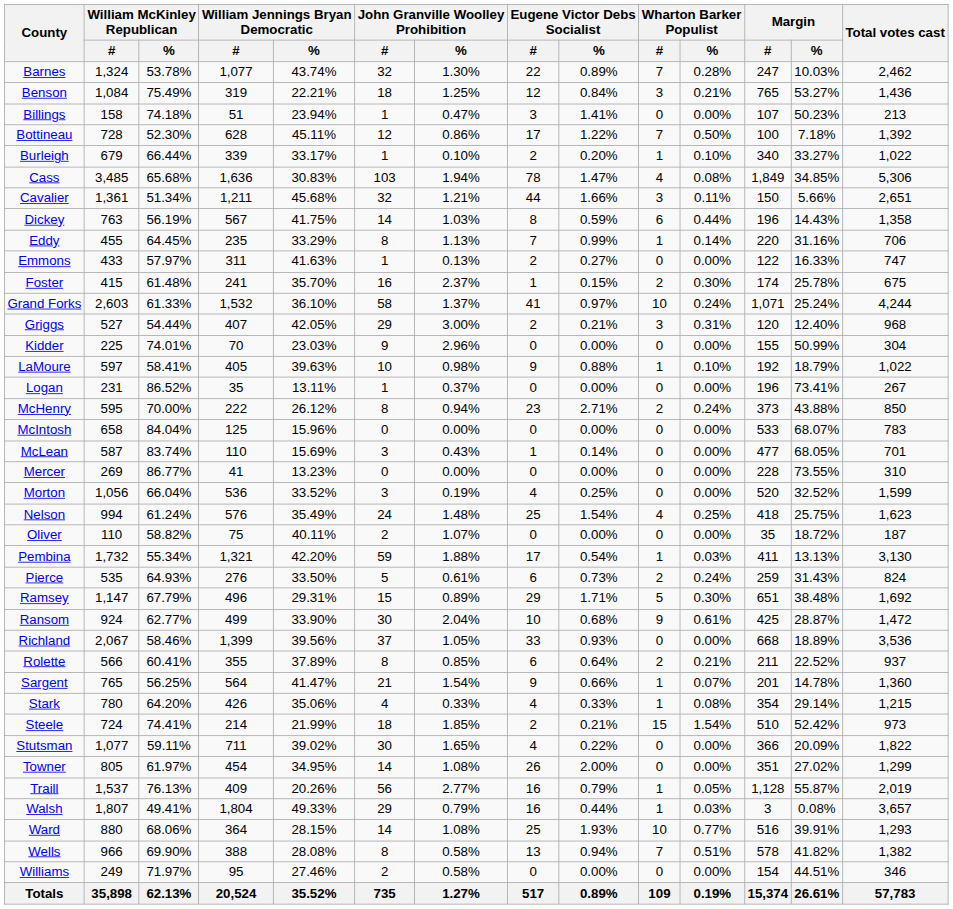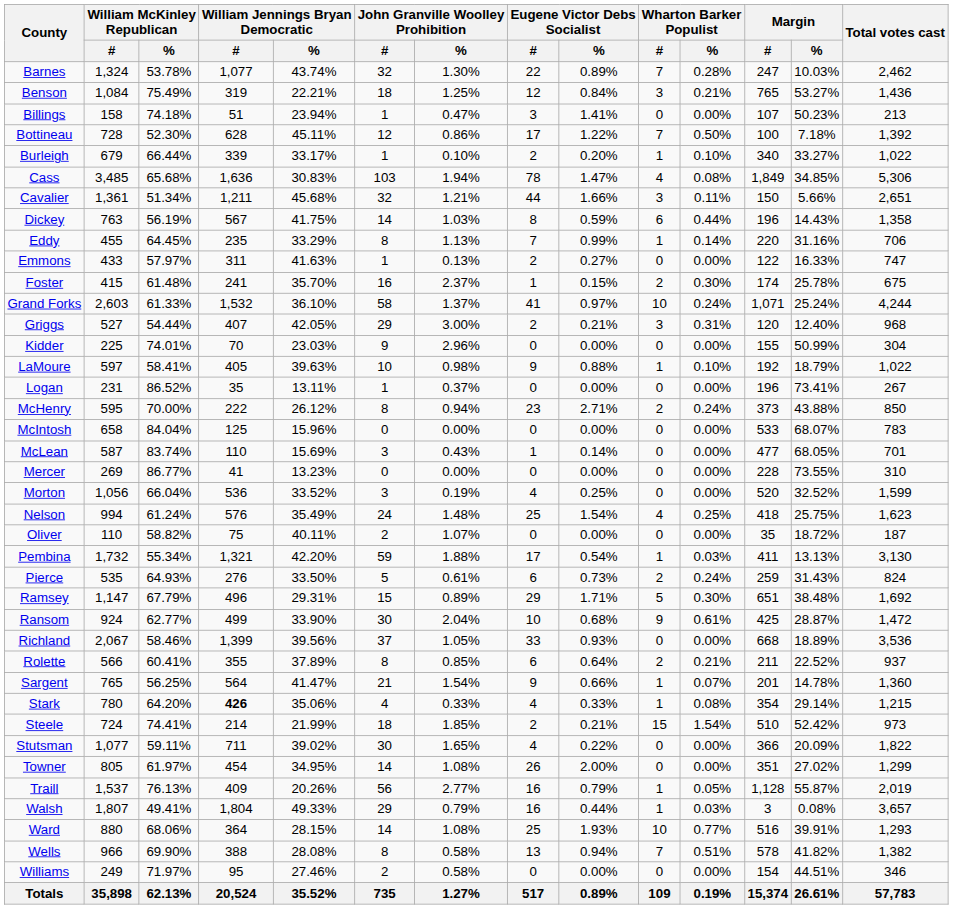 <table class="wikitable sortable">
 <tr>
 <th rowspan="2">County</th>
 <th colspan="2">William McKinley<br>Republican</th>
 <th colspan="2">William Jennings Bryan<br>Democratic</th>
 <th colspan="2">John Granville Woolley<br>Prohibition</th>
 <th colspan="2">Eugene Victor Debs<br>Socialist</th>
 <th colspan="2">Wharton Barker<br>Populist</th>
 <th colspan="2">Margin</th>
 <th rowspan="2">Total votes cast</th>
 </tr>
 <tr style="text-align:center;">
 <th data-sort-type="number">#</th>
 <th data-sort-type="number">%</th>
 <th data-sort-type="number">#</th>
 <th data-sort-type="number">%</th>
 <th data-sort-type="number">#</th>
 <th data-sort-type="number">%</th>
 <th data-sort-type="number">#</th>
 <th data-sort-type="number">%</th>
 <th data-sort-type="number">#</th>
 <th data-sort-type="number">%</th>
 <th data-sort-type="number">#</th>
 <th data-sort-type="number">%</th>
 </tr>
 <tr style="text-align:center;">
 <td><a href='#'>Barnes</a></td>
 <td>1,324</td>
 <td>53.78%</td>
 <td>1,077</td>
 <td>43.74%</td>
 <td>32</td>
 <td>1.30%</td>
 <td>22</td>
 <td>0.89%</td>
 <td>7</td>
 <td>0.28%</td>
 <td>247</td>
 <td>10.03%</td>
 <td>2,462</td>
 </tr>
 <tr style="text-align:center;">
 <td><a href='#'>Benson</a></td>
 <td>1,084</td>
 <td>75.49%</td>
 <td>319</td>
 <td>22.21%</td>
 <td>18</td>
 <td>1.25%</td>
 <td>12</td>
 <td>0.84%</td>
 <td>3</td>
 <td>0.21%</td>
 <td>765</td>
 <td>53.27%</td>
 <td>1,436</td>
 </tr>
 <tr style="text-align:center;">
 <td><a href='#'>Billings</a></td>
 <td>158</td>
 <td>74.18%</td>
 <td>51</td>
 <td>23.94%</td>
 <td>1</td>
 <td>0.47%</td>
 <td>3</td>
 <td>1.41%</td>
 <td>0</td>
 <td>0.00%</td>
 <td>107</td>
 <td>50.23%</td>
 <td>213</td>
 </tr>
 <tr style="text-align:center;">
 <td><a href='#'>Bottineau</a></td>
 <td>728</td>
 <td>52.30%</td>
 <td>628</td>
 <td>45.11%</td>
 <td>12</td>
 <td>0.86%</td>
 <td>17</td>
 <td>1.22%</td>
 <td>7</td>
 <td>0.50%</td>
 <td>100</td>
 <td>7.18%</td>
 <td>1,392</td>
 </tr>
 <tr style="text-align:center;">
 <td><a href='#'>Burleigh</a></td>
 <td>679</td>
 <td>66.44%</td>
 <td>339</td>
 <td>33.17%</td>
 <td>1</td>
 <td>0.10%</td>
 <td>2</td>
 <td>0.20%</td>
 <td>1</td>
 <td>0.10%</td>
 <td>340</td>
 <td>33.27%</td>
 <td>1,022</td>
 </tr>
 <tr style="text-align:center;">
 <td><a href='#'>Cass</a></td>
 <td>3,485</td>
 <td>65.68%</td>
 <td>1,636</td>
 <td>30.83%</td>
 <td>103</td>
 <td>1.94%</td>
 <td>78</td>
 <td>1.47%</td>
 <td>4</td>
 <td>0.08%</td>
 <td>1,849</td>
 <td>34.85%</td>
 <td>5,306</td>
 </tr>
 <tr style="text-align:center;">
 <td><a href='#'>Cavalier</a></td>
 <td>1,361</td>
 <td>51.34%</td>
 <td>1,211</td>
 <td>45.68%</td>
 <td>32</td>
 <td>1.21%</td>
 <td>44</td>
 <td>1.66%</td>
 <td>3</td>
 <td>0.11%</td>
 <td>150</td>
 <td>5.66%</td>
 <td>2,651</td>
 </tr>
 <tr style="text-align:center;">
 <td><a href='#'>Dickey</a></td>
 <td>763</td>
 <td>56.19%</td>
 <td>567</td>
 <td>41.75%</td>
 <td>14</td>
 <td>1.03%</td>
 <td>8</td>
 <td>0.59%</td>
 <td>6</td>
 <td>0.44%</td>
 <td>196</td>
 <td>14.43%</td>
 <td>1,358</td>
 </tr>
 <tr style="text-align:center;">
 <td><a href='#'>Eddy</a></td>
 <td>455</td>
 <td>64.45%</td>
 <td>235</td>
 <td>33.29%</td>
 <td>8</td>
 <td>1.13%</td>
 <td>7</td>
 <td>0.99%</td>
 <td>1</td>
 <td>0.14%</td>
 <td>220</td>
 <td>31.16%</td>
 <td>706</td>
 </tr>
 <tr style="text-align:center;">
 <td><a href='#'>Emmons</a></td>
 <td>433</td>
 <td>57.97%</td>
 <td>311</td>
 <td>41.63%</td>
 <td>1</td>
 <td>0.13%</td>
 <td>2</td>
 <td>0.27%</td>
 <td>0</td>
 <td>0.00%</td>
 <td>122</td>
 <td>16.33%</td>
 <td>747</td>
 </tr>
 <tr style="text-align:center;">
 <td><a href='#'>Foster</a></td>
 <td>415</td>
 <td>61.48%</td>
 <td>241</td>
 <td>35.70%</td>
 <td>16</td>
 <td>2.37%</td>
 <td>1</td>
 <td>0.15%</td>
 <td>2</td>
 <td>0.30%</td>
 <td>174</td>
 <td>25.78%</td>
 <td>675</td>
 </tr>
 <tr style="text-align:center;">
 <td><a href='#'>Grand Forks</a></td>
 <td>2,603</td>
 <td>61.33%</td>
 <td>1,532</td>
 <td>36.10%</td>
 <td>58</td>
 <td>1.37%</td>
 <td>41</td>
 <td>0.97%</td>
 <td>10</td>
 <td>0.24%</td>
 <td>1,071</td>
 <td>25.24%</td>
 <td>4,244</td>
 </tr>
 <tr style="text-align:center;">
 <td><a href='#'>Griggs</a></td>
 <td>527</td>
 <td>54.44%</td>
 <td>407</td>
 <td>42.05%</td>
 <td>29</td>
 <td>3.00%</td>
 <td>2</td>
 <td>0.21%</td>
 <td>3</td>
 <td>0.31%</td>
 <td>120</td>
 <td>12.40%</td>
 <td>968</td>
 </tr>
 <tr style="text-align:center;">
 <td><a href='#'>Kidder</a></td>
 <td>225</td>
 <td>74.01%</td>
 <td>70</td>
 <td>23.03%</td>
 <td>9</td>
 <td>2.96%</td>
 <td>0</td>
 <td>0.00%</td>
 <td>0</td>
 <td>0.00%</td>
 <td>155</td>
 <td>50.99%</td>
 <td>304</td>
 </tr>
 <tr style="text-align:center;">
 <td><a href='#'>LaMoure</a></td>
 <td>597</td>
 <td>58.41%</td>
 <td>405</td>
 <td>39.63%</td>
 <td>10</td>
 <td>0.98%</td>
 <td>9</td>
 <td>0.88%</td>
 <td>1</td>
 <td>0.10%</td>
 <td>192</td>
 <td>18.79%</td>
 <td>1,022</td>
 </tr>
 <tr style="text-align:center;">
 <td><a href='#'>Logan</a></td>
 <td>231</td>
 <td>86.52%</td>
 <td>35</td>
 <td>13.11%</td>
 <td>1</td>
 <td>0.37%</td>
 <td>0</td>
 <td>0.00%</td>
 <td>0</td>
 <td>0.00%</td>
 <td>196</td>
 <td>73.41%</td>
 <td>267</td>
 </tr>
 <tr style="text-align:center;">
 <td><a href='#'>McHenry</a></td>
 <td>595</td>
 <td>70.00%</td>
 <td>222</td>
 <td>26.12%</td>
 <td>8</td>
 <td>0.94%</td>
 <td>23</td>
 <td>2.71%</td>
 <td>2</td>
 <td>0.24%</td>
 <td>373</td>
 <td>43.88%</td>
 <td>850</td>
 </tr>
 <tr style="text-align:center;">
 <td><a href='#'>McIntosh</a></td>
 <td>658</td>
 <td>84.04%</td>
 <td>125</td>
 <td>15.96%</td>
 <td>0</td>
 <td>0.00%</td>
 <td>0</td>
 <td>0.00%</td>
 <td>0</td>
 <td>0.00%</td>
 <td>533</td>
 <td>68.07%</td>
 <td>783</td>
 </tr>
 <tr style="text-align:center;">
 <td><a href='#'>McLean</a></td>
 <td>587</td>
 <td>83.74%</td>
 <td>110</td>
 <td>15.69%</td>
 <td>3</td>
 <td>0.43%</td>
 <td>1</td>
 <td>0.14%</td>
 <td>0</td>
 <td>0.00%</td>
 <td>477</td>
 <td>68.05%</td>
 <td>701</td>
 </tr>
 <tr style="text-align:center;">
 <td><a href='#'>Mercer</a></td>
 <td>269</td>
 <td>86.77%</td>
 <td>41</td>
 <td>13.23%</td>
 <td>0</td>
 <td>0.00%</td>
 <td>0</td>
 <td>0.00%</td>
 <td>0</td>
 <td>0.00%</td>
 <td>228</td>
 <td>73.55%</td>
 <td>310</td>
 </tr>
 <tr style="text-align:center;">
 <td><a href='#'>Morton</a></td>
 <td>1,056</td>
 <td>66.04%</td>
 <td>536</td>
 <td>33.52%</td>
 <td>3</td>
 <td>0.19%</td>
 <td>4</td>
 <td>0.25%</td>
 <td>0</td>
 <td>0.00%</td>
 <td>520</td>
 <td>32.52%</td>
 <td>1,599</td>
 </tr>
 <tr style="text-align:center;">
 <td><a href='#'>Nelson</a></td>
 <td>994</td>
 <td>61.24%</td>
 <td>576</td>
 <td>35.49%</td>
 <td>24</td>
 <td>1.48%</td>
 <td>25</td>
 <td>1.54%</td>
 <td>4</td>
 <td>0.25%</td>
 <td>418</td>
 <td>25.75%</td>
 <td>1,623</td>
 </tr>
 <tr style="text-align:center;">
 <td><a href='#'>Oliver</a></td>
 <td>110</td>
 <td>58.82%</td>
 <td>75</td>
 <td>40.11%</td>
 <td>2</td>
 <td>1.07%</td>
 <td>0</td>
 <td>0.00%</td>
 <td>0</td>
 <td>0.00%</td>
 <td>35</td>
 <td>18.72%</td>
 <td>187</td>
 </tr>
 <tr style="text-align:center;">
 <td><a href='#'>Pembina</a></td>
 <td>1,732</td>
 <td>55.34%</td>
 <td>1,321</td>
 <td>42.20%</td>
 <td>59</td>
 <td>1.88%</td>
 <td>17</td>
 <td>0.54%</td>
 <td>1</td>
 <td>0.03%</td>
 <td>411</td>
 <td>13.13%</td>
 <td>3,130</td>
 </tr>
 <tr style="text-align:center;">
 <td><a href='#'>Pierce</a></td>
 <td>535</td>
 <td>64.93%</td>
 <td>276</td>
 <td>33.50%</td>
 <td>5</td>
 <td>0.61%</td>
 <td>6</td>
 <td>0.73%</td>
 <td>2</td>
 <td>0.24%</td>
 <td>259</td>
 <td>31.43%</td>
 <td>824</td>
 </tr>
 <tr style="text-align:center;">
 <td><a href='#'>Ramsey</a></td>
 <td>1,147</td>
 <td>67.79%</td>
 <td>496</td>
 <td>29.31%</td>
 <td>15</td>
 <td>0.89%</td>
 <td>29</td>
 <td>1.71%</td>
 <td>5</td>
 <td>0.30%</td>
 <td>651</td>
 <td>38.48%</td>
 <td>1,692</td>
 </tr>
 <tr style="text-align:center;">
 <td><a href='#'>Ransom</a></td>
 <td>924</td>
 <td>62.77%</td>
 <td>499</td>
 <td>33.90%</td>
 <td>30</td>
 <td>2.04%</td>
 <td>10</td>
 <td>0.68%</td>
 <td>9</td>
 <td>0.61%</td>
 <td>425</td>
 <td>28.87%</td>
 <td>1,472</td>
 </tr>
 <tr style="text-align:center;">
 <td><a href='#'>Richland</a></td>
 <td>2,067</td>
 <td>58.46%</td>
 <td>1,399</td>
 <td>39.56%</td>
 <td>37</td>
 <td>1.05%</td>
 <td>33</td>
 <td>0.93%</td>
 <td>0</td>
 <td>0.00%</td>
 <td>668</td>
 <td>18.89%</td>
 <td>3,536</td>
 </tr>
 <tr style="text-align:center;">
 <td><a href='#'>Rolette</a></td>
 <td>566</td>
 <td>60.41%</td>
 <td>355</td>
 <td>37.89%</td>
 <td>8</td>
 <td>0.85%</td>
 <td>6</td>
 <td>0.64%</td>
 <td>2</td>
 <td>0.21%</td>
 <td>211</td>
 <td>22.52%</td>
 <td>937</td>
 </tr>
 <tr style="text-align:center;">
 <td><a href='#'>Sargent</a></td>
 <td>765</td>
 <td>56.25%</td>
 <td>564</td>
 <td>41.47%</td>
 <td>21</td>
 <td>1.54%</td>
 <td>9</td>
 <td>0.66%</td>
 <td>1</td>
 <td>0.07%</td>
 <td>201</td>
 <td>14.78%</td>
 <td>1,360</td>
 </tr>
 <tr style="text-align:center;">
 <td><a href='#'>Stark</a></td>
 <td>780</td>
 <td>64.20%</td>
-<td>426</td>
+<td><strong>426</strong></td>
 <td>35.06%</td>
 <td>4</td>
 <td>0.33%</td>
 <td>4</td>
 <td>0.33%</td>
 <td>1</td>
 <td>0.08%</td>
 <td>354</td>
 <td>29.14%</td>
 <td>1,215</td>
 </tr>
 <tr style="text-align:center;">
 <td><a href='#'>Steele</a></td>
 <td>724</td>
 <td>74.41%</td>
 <td>214</td>
 <td>21.99%</td>
 <td>18</td>
 <td>1.85%</td>
 <td>2</td>
 <td>0.21%</td>
 <td>15</td>
 <td>1.54%</td>
 <td>510</td>
 <td>52.42%</td>
 <td>973</td>
 </tr>
 <tr style="text-align:center;">
 <td><a href='#'>Stutsman</a></td>
 <td>1,077</td>
 <td>59.11%</td>
 <td>711</td>
 <td>39.02%</td>
 <td>30</td>
 <td>1.65%</td>
 <td>4</td>
 <td>0.22%</td>
 <td>0</td>
 <td>0.00%</td>
 <td>366</td>
 <td>20.09%</td>
 <td>1,822</td>
 </tr>
 <tr style="text-align:center;">
 <td><a href='#'>Towner</a></td>
 <td>805</td>
 <td>61.97%</td>
 <td>454</td>
 <td>34.95%</td>
 <td>14</td>
 <td>1.08%</td>
 <td>26</td>
 <td>2.00%</td>
 <td>0</td>
 <td>0.00%</td>
 <td>351</td>
 <td>27.02%</td>
 <td>1,299</td>
 </tr>
 <tr style="text-align:center;">
 <td><a href='#'>Traill</a></td>
 <td>1,537</td>
 <td>76.13%</td>
 <td>409</td>
 <td>20.26%</td>
 <td>56</td>
 <td>2.77%</td>
 <td>16</td>
 <td>0.79%</td>
 <td>1</td>
 <td>0.05%</td>
 <td>1,128</td>
 <td>55.87%</td>
 <td>2,019</td>
 </tr>
 <tr style="text-align:center;">
 <td><a href='#'>Walsh</a></td>
 <td>1,807</td>
 <td>49.41%</td>
 <td>1,804</td>
 <td>49.33%</td>
 <td>29</td>
 <td>0.79%</td>
 <td>16</td>
 <td>0.44%</td>
 <td>1</td>
 <td>0.03%</td>
 <td>3</td>
 <td>0.08%</td>
 <td>3,657</td>
 </tr>
 <tr style="text-align:center;">
 <td><a href='#'>Ward</a></td>
 <td>880</td>
 <td>68.06%</td>
 <td>364</td>
 <td>28.15%</td>
 <td>14</td>
 <td>1.08%</td>
 <td>25</td>
 <td>1.93%</td>
 <td>10</td>
 <td>0.77%</td>
 <td>516</td>
 <td>39.91%</td>
 <td>1,293</td>
 </tr>
 <tr style="text-align:center;">
 <td><a href='#'>Wells</a></td>
 <td>966</td>
 <td>69.90%</td>
 <td>388</td>
 <td>28.08%</td>
 <td>8</td>
 <td>0.58%</td>
 <td>13</td>
 <td>0.94%</td>
 <td>7</td>
 <td>0.51%</td>
 <td>578</td>
 <td>41.82%</td>
 <td>1,382</td>
 </tr>
 <tr style="text-align:center;">
 <td><a href='#'>Williams</a></td>
 <td>249</td>
 <td>71.97%</td>
 <td>95</td>
 <td>27.46%</td>
 <td>2</td>
 <td>0.58%</td>
 <td>0</td>
 <td>0.00%</td>
 <td>0</td>
 <td>0.00%</td>
 <td>154</td>
 <td>44.51%</td>
 <td>346</td>
 </tr>
 <tr>
 <th>Totals</th>
 <th>35,898</th>
 <th>62.13%</th>
 <th>20,524</th>
 <th>35.52%</th>
 <th>735</th>
 <th>1.27%</th>
 <th>517</th>
 <th>0.89%</th>
 <th>109</th>
 <th>0.19%</th>
 <th>15,374</th>
 <th>26.61%</th>
 <th>57,783</th>
 </tr>
 </table>
